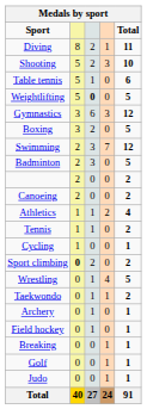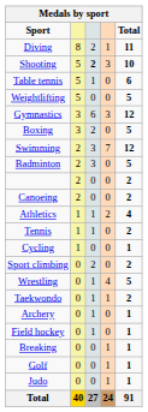 <table class="wikitable" style=font-size:85%;float:right;text-align:center>
 <tr style="background:#efefef;">
 <th colspan=5><strong>Medals by sport</strong></th>
 </tr>
 <tr align=center>
 <td><strong>Sport</strong></td>
 <td bgcolor=#f7f6a8></td>
 <td bgcolor=#dce5e5></td>
 <td bgcolor=#ffdab9></td>
 <td><strong>Total</strong></td>
 </tr>
 <tr align=center>
 <td><a href='#'>Diving</a></td>
 <td style="background:#F7F6A8;">8</td>
 <td style="background:#DCE5E5;">2</td>
 <td style="background:#FFDAB9;">1</td>
 <td><strong>11</strong></td>
 </tr>
 <tr align=center>
 <td><a href='#'>Shooting</a></td>
 <td style="background:#F7F6A8;">5</td>
-<td style="background:#DCE5E5;">2</td>
+<td style="background:#DCE5E5;"><strong>2</strong></td>
 <td style="background:#FFDAB9;">3</td>
 <td><strong>10</strong></td>
 </tr>
 <tr align=center>
 <td><a href='#'>Table tennis</a></td>
 <td style="background:#F7F6A8;">5</td>
 <td style="background:#DCE5E5;">1</td>
 <td style="background:#FFDAB9;">0</td>
 <td><strong>6</strong></td>
 </tr>
 <tr align=center>
 <td><a href='#'>Weightlifting</a></td>
 <td style="background:#F7F6A8;">5</td>
-<td style="background:#DCE5E5;"><strong>0</strong></td>
+<td style="background:#DCE5E5;">0</td>
 <td style="background:#FFDAB9;">0</td>
 <td><strong>5</strong></td>
 </tr>
 <tr align=center>
 <td><a href='#'>Gymnastics</a></td>
 <td style="background:#F7F6A8;">3</td>
 <td style="background:#DCE5E5;">6</td>
 <td style="background:#FFDAB9;">3</td>
 <td><strong>12</strong></td>
 </tr>
 <tr align=center>
 <td><a href='#'>Boxing</a></td>
 <td style="background:#F7F6A8;">3</td>
 <td style="background:#DCE5E5;">2</td>
 <td style="background:#FFDAB9;">0</td>
 <td><strong>5</strong></td>
 </tr>
 <tr align=center>
 <td><a href='#'>Swimming</a></td>
 <td style="background:#F7F6A8;">2</td>
 <td style="background:#DCE5E5;">3</td>
 <td style="background:#FFDAB9;">7</td>
 <td><strong>12</strong></td>
 </tr>
 <tr align=center>
 <td><a href='#'>Badminton</a></td>
 <td style="background:#F7F6A8;">2</td>
 <td style="background:#DCE5E5;">3</td>
 <td style="background:#FFDAB9;">0</td>
 <td><strong>5</strong></td>
 </tr>
 <tr align=center>
 <td></td>
 <td style="background:#F7F6A8;">2</td>
 <td style="background:#DCE5E5;">0</td>
 <td style="background:#FFDAB9;">0</td>
 <td><strong>2</strong></td>
 </tr>
 <tr align=center>
 <td><a href='#'>Canoeing</a></td>
 <td style="background:#F7F6A8;">2</td>
 <td style="background:#DCE5E5;">0</td>
 <td style="background:#FFDAB9;">0</td>
 <td><strong>2</strong></td>
 </tr>
 <tr align=center>
 <td><a href='#'>Athletics</a></td>
 <td style="background:#F7F6A8;">1</td>
 <td style="background:#DCE5E5;">1</td>
 <td style="background:#FFDAB9;">2</td>
 <td><strong>4</strong></td>
 </tr>
 <tr align=center>
 <td><a href='#'>Tennis</a></td>
 <td style="background:#F7F6A8;">1</td>
 <td style="background:#DCE5E5;">1</td>
 <td style="background:#FFDAB9;">0</td>
 <td><strong>2</strong></td>
 </tr>
 <tr align=center>
 <td><a href='#'>Cycling</a></td>
 <td style="background:#F7F6A8;">1</td>
 <td style="background:#DCE5E5;">0</td>
 <td style="background:#FFDAB9;">0</td>
 <td><strong>1</strong></td>
 </tr>
 <tr align=center>
 <td><a href='#'>Sport climbing</a></td>
-<td style="background:#F7F6A8;"><strong>0</strong></td>
+<td style="background:#F7F6A8;">0</td>
 <td style="background:#DCE5E5;">2</td>
 <td style="background:#FFDAB9;">0</td>
 <td><strong>2</strong></td>
 </tr>
 <tr align=center>
 <td><a href='#'>Wrestling</a></td>
 <td style="background:#F7F6A8;">0</td>
 <td style="background:#DCE5E5;">1</td>
 <td style="background:#FFDAB9;">4</td>
 <td><strong>5</strong></td>
 </tr>
 <tr align=center>
 <td><a href='#'>Taekwondo</a></td>
 <td style="background:#F7F6A8;">0</td>
 <td style="background:#DCE5E5;">1</td>
 <td style="background:#FFDAB9;">1</td>
 <td><strong>2</strong></td>
 </tr>
 <tr align=center>
 <td><a href='#'>Archery</a></td>
 <td style="background:#F7F6A8;">0</td>
 <td style="background:#DCE5E5;">1</td>
 <td style="background:#FFDAB9;">0</td>
 <td><strong>1</strong></td>
 </tr>
 <tr align=center>
 <td><a href='#'>Field hockey</a></td>
 <td style="background:#F7F6A8;">0</td>
 <td style="background:#DCE5E5;">1</td>
 <td style="background:#FFDAB9;">0</td>
 <td><strong>1</strong></td>
 </tr>
 <tr align=center>
 <td><a href='#'>Breaking</a></td>
 <td style="background:#F7F6A8;">0</td>
 <td style="background:#DCE5E5;">0</td>
 <td style="background:#FFDAB9;">1</td>
 <td><strong>1</strong></td>
 </tr>
 <tr align=center>
 <td><a href='#'>Golf</a></td>
 <td style="background:#F7F6A8;">0</td>
 <td style="background:#DCE5E5;">0</td>
 <td style="background:#FFDAB9;">1</td>
 <td><strong>1</strong></td>
 </tr>
 <tr align=center>
 <td><a href='#'>Judo</a></td>
 <td style="background:#F7F6A8;">0</td>
 <td style="background:#DCE5E5;">0</td>
 <td style="background:#FFDAB9;">1</td>
 <td><strong>1</strong></td>
 </tr>
 <tr align=center>
 <th><strong>Total</strong></th>
 <th style="background:gold;"><strong>40</strong></th>
 <th style="background:silver;"><strong>27</strong></th>
 <th style="background:#c96;"><strong>24</strong></th>
 <th><strong>91</strong></th>
 </tr>
 </table>
